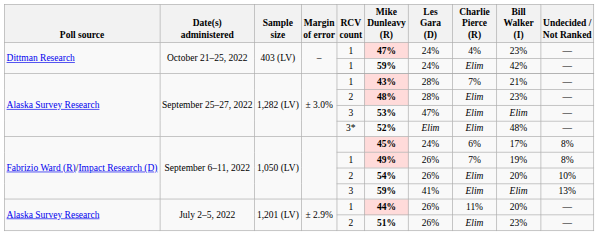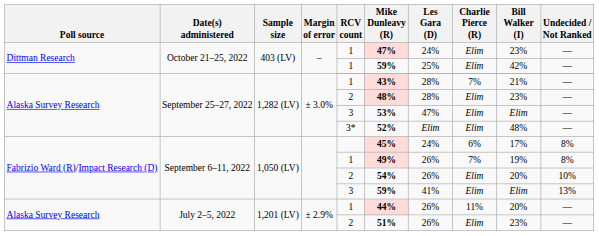 <table class="wikitable" style="font-size:90%;text-align:center;">
 <tr valign=bottom>
 <th>Poll source</th>
 <th>Date(s)<br>administered</th>
 <th>Sample<br>size</th>
 <th>Margin<br>of error</th>
 <th>RCV<br>count</th>
 <th style="width:60px;">Mike<br>Dunleavy<br>(R)</th>
 <th style="width:60px;">Les<br>Gara<br>(D)</th>
 <th style="width:60px;">Charlie<br>Pierce<br>(R)</th>
 <th style="width:60px;">Bill<br>Walker<br>(I)</th>
 <th>Undecided /<br>Not Ranked</th>
 </tr>
 <tr>
 <td style="text-align:left;" rowspan="2"><a href='#'>Dittman Research</a></td>
 <td rowspan="2">October 21–25, 2022</td>
 <td rowspan="2">403 (LV)</td>
 <td rowspan="2">–</td>
 <td>1</td>
 <td style="background:#ffdbda"><strong>47%</strong></td>
 <td>24%</td>
-<td>4%</td>
+<td><em>Elim</em></td>
 <td>23%</td>
 <td>—</td>
 </tr>
 <tr>
 <td>1</td>
 <td><strong>59%</strong></td>
-<td>24%</td>
+<td>25%</td>
 <td><em>Elim</em></td>
 <td>42%</td>
 <td>—</td>
 </tr>
 <tr>
 <td style="text-align:left;" rowspan="5"><a href='#'>Alaska Survey Research</a></td>
 <td rowspan="5">September 25–27, 2022</td>
 <td rowspan="5">1,282 (LV)</td>
 <td rowspan="5">± 3.0%</td>
 </tr>
 <tr>
 <td>1</td>
 <td style="background:#ffdbda"><strong>43%</strong></td>
 <td>28%</td>
 <td>7%</td>
 <td>21%</td>
 <td>—</td>
 </tr>
 <tr>
 <td>2</td>
 <td style="background:#ffdbda"><strong>48%</strong></td>
 <td>28%</td>
 <td><em>Elim</em></td>
 <td>23%</td>
 <td>—</td>
 </tr>
 <tr>
 <td>3</td>
 <td><strong>53%</strong></td>
 <td>47%</td>
 <td><em>Elim</em></td>
 <td><em>Elim</em></td>
 <td>—</td>
 </tr>
 <tr>
 <td>3*</td>
 <td><strong>52%</strong></td>
 <td><em>Elim</em></td>
 <td><em>Elim</em></td>
 <td>48%</td>
 <td>—</td>
 </tr>
 <tr>
 <td style="text-align:left;" rowspan="4"><a href='#'>Fabrizio Ward (R)</a>/<a href='#'>Impact Research (D)</a></td>
 <td rowspan="4">September 6–11, 2022</td>
 <td rowspan="4">1,050 (LV)</td>
 <td rowspan="4"></td>
 <td></td>
 <td style="background:#ffdbda"><strong>45%</strong></td>
 <td>24%</td>
 <td>6%</td>
 <td>17%</td>
 <td>8% </td>
 </tr>
 <tr>
 <td>1</td>
 <td style="background:#ffdbda"><strong>49%</strong></td>
 <td>26%</td>
 <td>7%</td>
 <td>19%</td>
 <td>8% </td>
 </tr>
 <tr>
 <td>2</td>
 <td><strong>54%</strong></td>
 <td>26%</td>
 <td><em>Elim</em></td>
 <td>20%</td>
 <td>10% </td>
 </tr>
 <tr>
 <td>3</td>
 <td><strong>59%</strong></td>
 <td>41%</td>
 <td><em>Elim</em></td>
 <td><em>Elim</em></td>
 <td>13% </td>
 </tr>
 <tr>
 <td style="text-align:left;" rowspan="2"><a href='#'>Alaska Survey Research</a></td>
 <td rowspan="2">July 2–5, 2022</td>
 <td rowspan="2">1,201 (LV)</td>
 <td rowspan="2">± 2.9%</td>
 <td>1</td>
 <td style="background:#ffdbda"><strong>44%</strong></td>
 <td>26%</td>
 <td>11%</td>
 <td>20%</td>
 <td>—</td>
 </tr>
 <tr>
 <td>2</td>
 <td><strong>51%</strong></td>
 <td>26%</td>
 <td><em>Elim</em></td>
 <td>23%</td>
 <td>—</td>
 </tr>
 </table>
